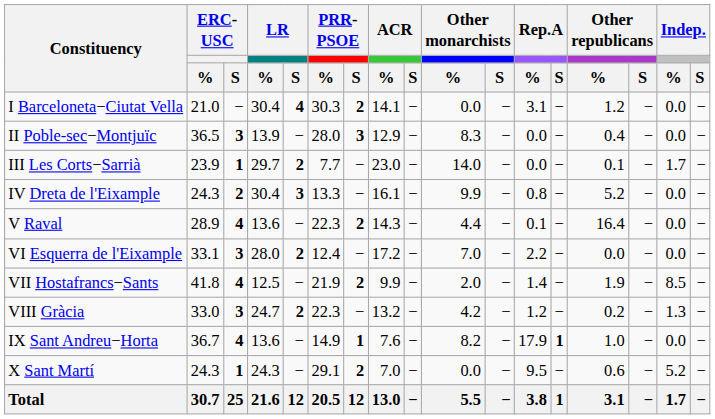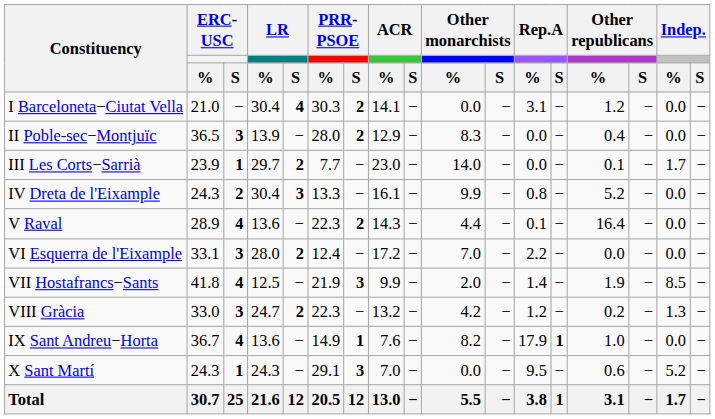 <table class="wikitable sortable" style="text-align:right; font-size:95%; line-height:20px;">
 <tr>
 <th rowspan="3">Constituency</th>
 <th colspan="2" width="30px"><a href='#'>ERC</a>-<a href='#'>USC</a></th>
 <th colspan="2" width="30px"><a href='#'>LR</a></th>
 <th colspan="2" width="30px"><a href='#'>PRR</a>-<a href='#'>PSOE</a></th>
 <th colspan="2" width="30px">ACR</th>
 <th colspan="2" width="30px">Other monarchists</th>
 <th colspan="2" width="30px">Rep.A</th>
 <th colspan="2" width="30px">Other republicans</th>
 <th colspan="2" width="30px"><a href='#'>Indep.</a></th>
 </tr>
 <tr>
 <th colspan="2" style="background:"></th>
 <th colspan="2" style="background:#008080"></th>
 <th colspan="2" style="background:#ff0000"></th>
 <th colspan="2" style="background:#37C837"></th>
 <th colspan="2" style="background:#0000FF"></th>
 <th colspan="2" style="background:#9955ff"></th>
 <th colspan="2" style="background:#AB38C8"></th>
 <th colspan="2" style="background:#C0C0C0"></th>
 </tr>
 <tr>
 <th data-sort-type="number">%</th>
 <th data-sort-type="number">S</th>
 <th data-sort-type="number">%</th>
 <th data-sort-type="number">S</th>
 <th data-sort-type="number">%</th>
 <th data-sort-type="number">S</th>
 <th data-sort-type="number">%</th>
 <th data-sort-type="number">S</th>
 <th data-sort-type="number">%</th>
 <th data-sort-type="number">S</th>
 <th data-sort-type="number">%</th>
 <th data-sort-type="number">S</th>
 <th data-sort-type="number">%</th>
 <th data-sort-type="number">S</th>
 <th data-sort-type="number">%</th>
 <th data-sort-type="number">S</th>
 </tr>
 <tr>
 <td style="text-align: left;">I <a href='#'>Barceloneta</a>−<a href='#'>Ciutat Vella</a></td>
 <td style="text-align: right;">21.0</td>
 <td style="text-align: right;">−</td>
 <td style="text-align: right;">30.4</td>
 <td style="text-align: right;"><strong>4</strong></td>
 <td style="text-align: right;">30.3</td>
 <td style="text-align: right;"><strong>2</strong></td>
 <td style="text-align: right;">14.1</td>
 <td style="text-align: right;">−</td>
 <td style="text-align: right;">0.0</td>
 <td style="text-align: right;">−</td>
 <td style="text-align: right;">3.1</td>
 <td style="text-align: right;">−</td>
 <td style="text-align: right;">1.2</td>
 <td style="text-align: right;">−</td>
 <td style="text-align: right;">0.0</td>
 <td style="text-align: right;">−</td>
 </tr>
 <tr>
 <td style="text-align: left;">II <a href='#'>Poble-sec</a>−<a href='#'>Montjuïc</a></td>
 <td style="text-align: right;">36.5</td>
 <td style="text-align: right;"><strong>3</strong></td>
 <td style="text-align: right;">13.9</td>
 <td style="text-align: right;">−</td>
 <td style="text-align: right;">28.0</td>
-<td style="text-align: right;"><strong>3</strong></td>
+<td style="text-align: right;"><strong>2</strong></td>
 <td style="text-align: right;">12.9</td>
 <td style="text-align: right;">−</td>
 <td style="text-align: right;">8.3</td>
 <td style="text-align: right;">−</td>
 <td style="text-align: right;">0.0</td>
 <td style="text-align: right;">−</td>
 <td style="text-align: right;">0.4</td>
 <td style="text-align: right;">−</td>
 <td style="text-align: right;">0.0</td>
 <td style="text-align: right;">−</td>
 </tr>
 <tr>
 <td style="text-align: left;">III <a href='#'>Les Corts</a>−<a href='#'>Sarrià</a></td>
 <td style="text-align: right;">23.9</td>
 <td style="text-align: right;"><strong>1</strong></td>
 <td style="text-align: right;">29.7</td>
 <td style="text-align: right;"><strong>2</strong></td>
 <td style="text-align: right;">7.7</td>
 <td style="text-align: right;">−</td>
 <td style="text-align: right;">23.0</td>
 <td style="text-align: right;">−</td>
 <td style="text-align: right;">14.0</td>
 <td style="text-align: right;">−</td>
 <td style="text-align: right;">0.0</td>
 <td style="text-align: right;">−</td>
 <td style="text-align: right;">0.1</td>
 <td style="text-align: right;">−</td>
 <td style="text-align: right;">1.7</td>
 <td style="text-align: right;">−</td>
 </tr>
 <tr>
 <td style="text-align: left;">IV <a href='#'>Dreta de l'Eixample</a></td>
 <td style="text-align: right;">24.3</td>
 <td style="text-align: right;"><strong>2</strong></td>
 <td style="text-align: right;">30.4</td>
 <td style="text-align: right;"><strong>3</strong></td>
 <td style="text-align: right;">13.3</td>
 <td style="text-align: right;">−</td>
 <td style="text-align: right;">16.1</td>
 <td style="text-align: right;">−</td>
 <td style="text-align: right;">9.9</td>
 <td style="text-align: right;">−</td>
 <td style="text-align: right;">0.8</td>
 <td style="text-align: right;">−</td>
 <td style="text-align: right;">5.2</td>
 <td style="text-align: right;">−</td>
 <td style="text-align: right;">0.0</td>
 <td style="text-align: right;">−</td>
 </tr>
 <tr>
 <td style="text-align: left;">V <a href='#'>Raval</a></td>
 <td style="text-align: right;">28.9</td>
 <td style="text-align: right;"><strong>4</strong></td>
 <td style="text-align: right;">13.6</td>
 <td style="text-align: right;">−</td>
 <td style="text-align: right;">22.3</td>
 <td style="text-align: right;"><strong>2</strong></td>
 <td style="text-align: right;">14.3</td>
 <td style="text-align: right;">−</td>
 <td style="text-align: right;">4.4</td>
 <td style="text-align: right;">−</td>
 <td style="text-align: right;">0.1</td>
 <td style="text-align: right;">−</td>
 <td style="text-align: right;">16.4</td>
 <td style="text-align: right;">−</td>
 <td style="text-align: right;">0.0</td>
 <td style="text-align: right;">−</td>
 </tr>
 <tr>
 <td style="text-align: left;">VI <a href='#'>Esquerra de l'Eixample</a></td>
 <td style="text-align: right;">33.1</td>
 <td style="text-align: right;"><strong>3</strong></td>
 <td style="text-align: right;">28.0</td>
 <td style="text-align: right;"><strong>2</strong></td>
 <td style="text-align: right;">12.4</td>
 <td style="text-align: right;">−</td>
 <td style="text-align: right;">17.2</td>
 <td style="text-align: right;">−</td>
 <td style="text-align: right;">7.0</td>
 <td style="text-align: right;">−</td>
 <td style="text-align: right;">2.2</td>
 <td style="text-align: right;">−</td>
 <td style="text-align: right;">0.0</td>
 <td style="text-align: right;">−</td>
 <td style="text-align: right;">0.0</td>
 <td style="text-align: right;">−</td>
 </tr>
 <tr>
 <td style="text-align: left;">VII <a href='#'>Hostafrancs</a>−<a href='#'>Sants</a></td>
 <td style="text-align: right;">41.8</td>
 <td style="text-align: right;"><strong>4</strong></td>
 <td style="text-align: right;">12.5</td>
 <td style="text-align: right;">−</td>
 <td style="text-align: right;">21.9</td>
-<td style="text-align: right;"><strong>2</strong></td>
+<td style="text-align: right;"><strong>3</strong></td>
 <td style="text-align: right;">9.9</td>
 <td style="text-align: right;">−</td>
 <td style="text-align: right;">2.0</td>
 <td style="text-align: right;">−</td>
 <td style="text-align: right;">1.4</td>
 <td style="text-align: right;">−</td>
 <td style="text-align: right;">1.9</td>
 <td style="text-align: right;">−</td>
 <td style="text-align: right;">8.5</td>
 <td style="text-align: right;">−</td>
 </tr>
 <tr>
 <td style="text-align: left;">VIII <a href='#'>Gràcia</a></td>
 <td style="text-align: right;">33.0</td>
 <td style="text-align: right;"><strong>3</strong></td>
 <td style="text-align: right;">24.7</td>
 <td style="text-align: right;"><strong>2</strong></td>
 <td style="text-align: right;">22.3</td>
 <td style="text-align: right;">−</td>
 <td style="text-align: right;">13.2</td>
 <td style="text-align: right;">−</td>
 <td style="text-align: right;">4.2</td>
 <td style="text-align: right;">−</td>
 <td style="text-align: right;">1.2</td>
 <td style="text-align: right;">−</td>
 <td style="text-align: right;">0.2</td>
 <td style="text-align: right;">−</td>
 <td style="text-align: right;">1.3</td>
 <td style="text-align: right;">−</td>
 </tr>
 <tr>
 <td style="text-align: left;">IX <a href='#'>Sant Andreu</a>−<a href='#'>Horta</a></td>
 <td style="text-align: right;">36.7</td>
 <td style="text-align: right;"><strong>4</strong></td>
 <td style="text-align: right;">13.6</td>
 <td style="text-align: right;">−</td>
 <td style="text-align: right;">14.9</td>
 <td style="text-align: right;"><strong>1</strong></td>
 <td style="text-align: right;">7.6</td>
 <td style="text-align: right;">−</td>
 <td style="text-align: right;">8.2</td>
 <td style="text-align: right;">−</td>
 <td style="text-align: right;">17.9</td>
 <td style="text-align: right;"><strong>1</strong></td>
 <td style="text-align: right;">1.0</td>
 <td style="text-align: right;">−</td>
 <td style="text-align: right;">0.0</td>
 <td style="text-align: right;">−</td>
 </tr>
 <tr>
 <td style="text-align: left;">X <a href='#'>Sant Martí</a></td>
 <td style="text-align: right;">24.3</td>
 <td style="text-align: right;"><strong>1</strong></td>
 <td style="text-align: right;">24.3</td>
 <td style="text-align: right;">−</td>
 <td style="text-align: right;">29.1</td>
-<td style="text-align: right;"><strong>2</strong></td>
+<td style="text-align: right;"><strong>3</strong></td>
 <td style="text-align: right;">7.0</td>
 <td style="text-align: right;">−</td>
 <td style="text-align: right;">0.0</td>
 <td style="text-align: right;">−</td>
 <td style="text-align: right;">9.5</td>
 <td style="text-align: right;">−</td>
 <td style="text-align: right;">0.6</td>
 <td style="text-align: right;">−</td>
 <td style="text-align: right;">5.2</td>
 <td style="text-align: right;">−</td>
 </tr>
 <tr>
 <th style="text-align: left;">Total</th>
 <th style="text-align: right;">30.7</th>
 <th style="text-align: right;"><strong>25</strong></th>
 <th style="text-align: right;">21.6</th>
 <th style="text-align: right;"><strong>12</strong></th>
 <th style="text-align: right;">20.5</th>
 <th style="text-align: right;"><strong>12</strong></th>
 <th style="text-align: right;">13.0</th>
 <th style="text-align: right;">−</th>
 <th style="text-align: right;">5.5</th>
 <th style="text-align: right;">−</th>
 <th style="text-align: right;">3.8</th>
 <th style="text-align: right;"><strong>1</strong></th>
 <th style="text-align: right;">3.1</th>
 <th style="text-align: right;">−</th>
 <th style="text-align: right;">1.7</th>
 <th style="text-align: right;">−</th>
 </tr>
 </table>
